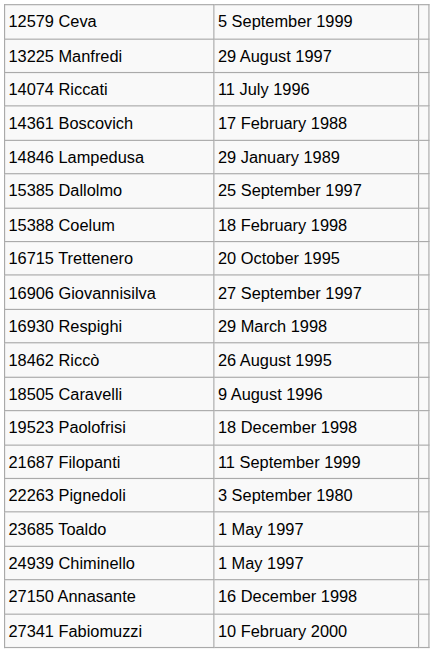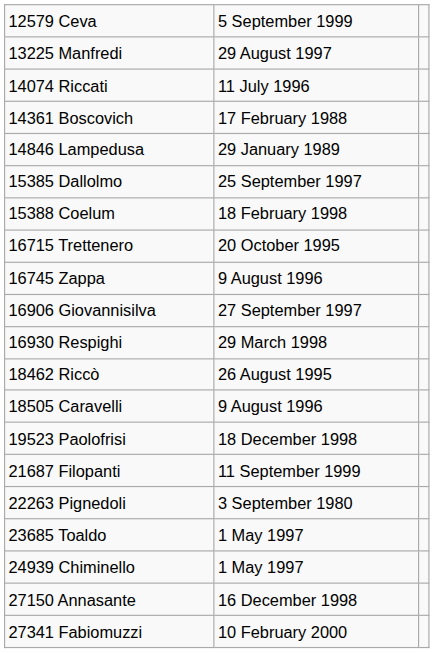 <table class="wikitable" style="font-size: 89%; float: left; width: 26em; margin-right: 1em; height: 560px;">
 <tr>
 <td>12579 Ceva</td>
 <td>5 September 1999</td>
 <td></td>
 </tr>
 <tr>
 <td>13225 Manfredi</td>
 <td>29 August 1997</td>
 <td></td>
 </tr>
 <tr>
 <td>14074 Riccati</td>
 <td>11 July 1996</td>
 <td></td>
 </tr>
 <tr>
 <td>14361 Boscovich</td>
 <td>17 February 1988</td>
 <td></td>
 </tr>
 <tr>
 <td>14846 Lampedusa</td>
 <td>29 January 1989</td>
 <td></td>
 </tr>
 <tr>
 <td>15385 Dallolmo</td>
 <td>25 September 1997</td>
 <td></td>
 </tr>
 <tr>
 <td>15388 Coelum</td>
 <td>18 February 1998</td>
 <td></td>
 </tr>
 <tr>
 <td>16715 Trettenero</td>
 <td>20 October 1995</td>
+<td></td>
+</tr>
+<tr>
+<td>16745 Zappa</td>
+<td>9 August 1996</td>
 <td></td>
 </tr>
 <tr>
 <td>16906 Giovannisilva</td>
 <td>27 September 1997</td>
 <td></td>
 </tr>
 <tr>
 <td>16930 Respighi</td>
 <td>29 March 1998</td>
 <td></td>
 </tr>
 <tr>
 <td>18462 Riccò</td>
 <td>26 August 1995</td>
 <td></td>
 </tr>
 <tr>
 <td>18505 Caravelli</td>
 <td>9 August 1996</td>
 <td></td>
 </tr>
 <tr>
 <td>19523 Paolofrisi</td>
 <td>18 December 1998</td>
 <td></td>
 </tr>
 <tr>
 <td>21687 Filopanti</td>
 <td>11 September 1999</td>
 <td></td>
 </tr>
 <tr>
 <td>22263 Pignedoli</td>
 <td>3 September 1980</td>
 <td></td>
 </tr>
 <tr>
 <td>23685 Toaldo</td>
 <td>1 May 1997</td>
 <td></td>
 </tr>
 <tr>
 <td>24939 Chiminello</td>
 <td>1 May 1997</td>
 <td></td>
 </tr>
 <tr>
 <td>27150 Annasante</td>
 <td>16 December 1998</td>
 <td></td>
 </tr>
 <tr>
 <td>27341 Fabiomuzzi</td>
 <td>10 February 2000</td>
 <td></td>
 </tr>
 </table>
